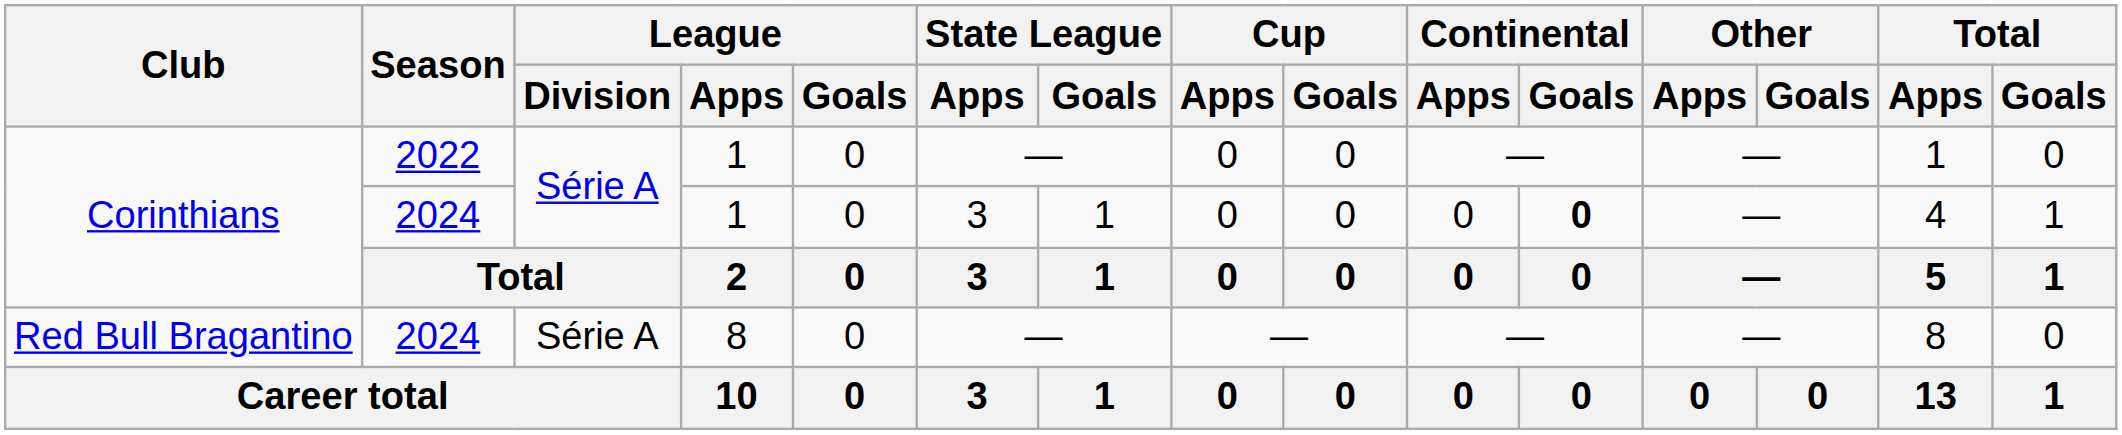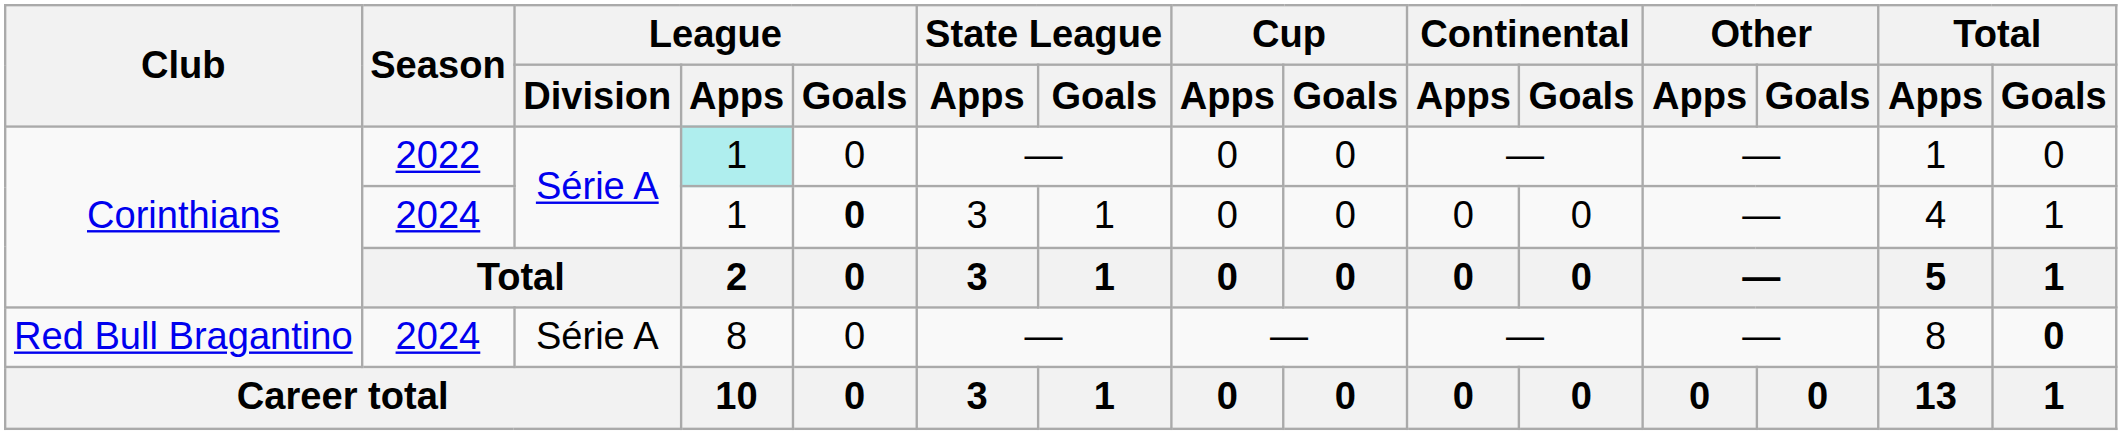 <table class="wikitable" style="text-align: center">
 <tr>
 <th rowspan="2">Club</th>
 <th rowspan="2">Season</th>
 <th colspan="3">League</th>
 <th colspan="2">State League</th>
 <th colspan="2">Cup</th>
 <th colspan="2">Continental</th>
 <th colspan="2">Other</th>
 <th colspan="2">Total</th>
 </tr>
 <tr>
 <th>Division</th>
 <th>Apps</th>
 <th>Goals</th>
 <th>Apps</th>
 <th>Goals</th>
 <th>Apps</th>
 <th>Goals</th>
 <th>Apps</th>
 <th>Goals</th>
 <th>Apps</th>
 <th>Goals</th>
 <th>Apps</th>
 <th>Goals</th>
 </tr>
 <tr>
 <td rowspan="3"><a href='#'>Corinthians</a></td>
 <td><a href='#'>2022</a></td>
 <td rowspan="2"><a href='#'>Série A</a></td>
-<td>1</td>
+<td style="background: paleturquoise;">1</td>
 <td>0</td>
 <td colspan="2">—</td>
 <td>0</td>
 <td>0</td>
 <td colspan="2">—</td>
 <td colspan="2">—</td>
 <td>1</td>
 <td>0</td>
 </tr>
 <tr>
 <td><a href='#'>2024</a></td>
 <td>1</td>
-<td>0</td>
+<td><strong>0</strong></td>
 <td>3</td>
 <td>1</td>
 <td>0</td>
 <td>0</td>
 <td>0</td>
-<td><strong>0</strong></td>
+<td>0</td>
 <td colspan="2">—</td>
 <td>4</td>
 <td>1</td>
 </tr>
 <tr>
 <th colspan="2">Total</th>
 <th>2</th>
 <th>0</th>
 <th>3</th>
 <th>1</th>
 <th>0</th>
 <th>0</th>
 <th>0</th>
 <th>0</th>
 <th colspan="2">—</th>
 <th>5</th>
 <th>1</th>
 </tr>
 <tr>
 <td><a href='#'>Red Bull Bragantino</a></td>
 <td><a href='#'>2024</a></td>
 <td>Série A</td>
 <td>8</td>
 <td>0</td>
 <td colspan="2">—</td>
 <td colspan="2">—</td>
 <td colspan="2">—</td>
 <td colspan="2">—</td>
 <td>8</td>
-<td>0</td>
+<td><strong>0</strong></td>
 </tr>
 <tr>
 <th colspan="3"><strong>Career total</strong></th>
 <th>10</th>
 <th>0</th>
 <th>3</th>
 <th>1</th>
 <th>0</th>
 <th>0</th>
 <th>0</th>
 <th>0</th>
 <th>0</th>
 <th>0</th>
 <th>13</th>
 <th>1</th>
 </tr>
 </table>
